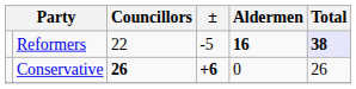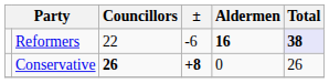 <table class="wikitable">
 <tr>
 <th colspan="2">Party</th>
 <th>Councillors</th>
 <th>  ±  </th>
 <th>Aldermen</th>
 <th>Total</th>
 </tr>
 <tr>
 <td style="background-color: "></td>
 <td><a href='#'>Reformers</a></td>
 <td>22</td>
-<td>-5</td>
+<td>-6</td>
 <td><strong>16</strong></td>
 <td style="background: lavender;"><strong>38</strong></td>
 </tr>
 <tr>
 <td style="background-color: "></td>
 <td><a href='#'>Conservative</a></td>
 <td><strong>26</strong></td>
-<td><strong>+6</strong></td>
+<td><strong>+8</strong></td>
 <td>0</td>
 <td>26</td>
 </tr>
 <tr>
 </tr>
 </table>
